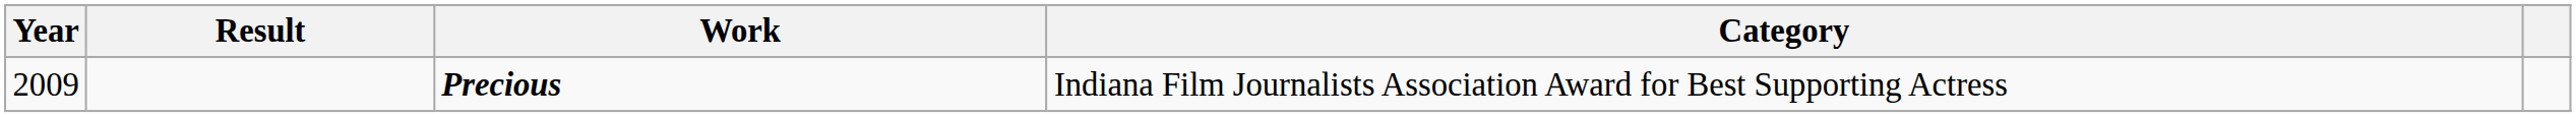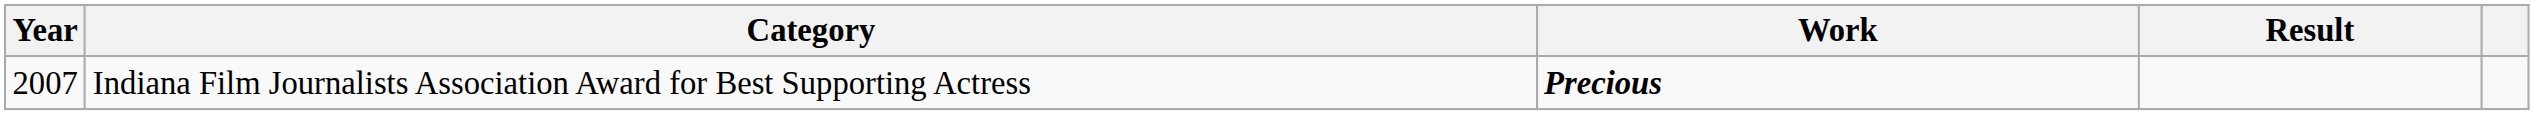 <table class="wikitable">
 <tr>
 <th scope="col" style="width:1em;">Year</th>
+<th scope="col" style="width:44em;">Category</th>
+<th scope="col" style="width:18em;">Work</th>
 <th scope="col" style="width:10em;">Result</th>
-<th scope="col" style="width:18em;">Work</th>
-<th scope="col" style="width:44em;">Category</th>
 <th class="unsortable" style="width:1em;"></th>
 </tr>
 <tr>
-<td>2009</td>
+<td>2007</td>
+<td>Indiana Film Journalists Association Award for Best Supporting Actress</td>
+<td><strong><em>Precious</em></strong></td>
 <td></td>
-<td><strong><em>Precious</em></strong></td>
-<td>Indiana Film Journalists Association Award for Best Supporting Actress</td>
 <td></td>
 </tr>
 </table>
